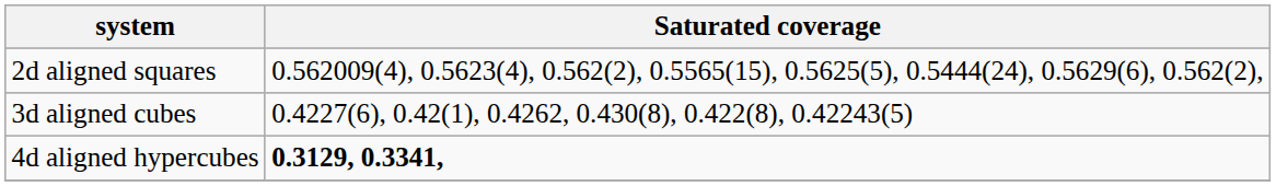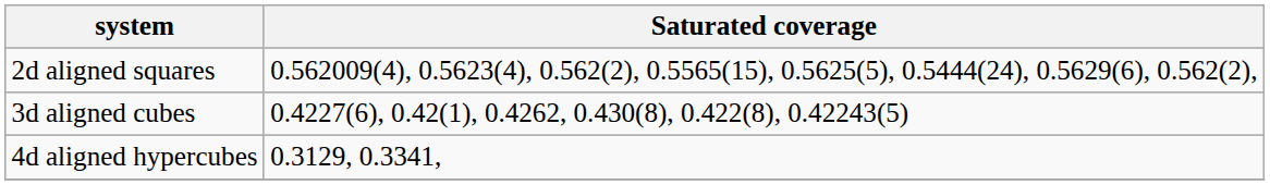 <table class="wikitable">
 <tr>
 <th>system</th>
 <th>Saturated coverage</th>
 </tr>
 <tr>
 <td>2d aligned squares</td>
 <td>0.562009(4), 0.5623(4), 0.562(2), 0.5565(15), 0.5625(5), 0.5444(24), 0.5629(6), 0.562(2),</td>
 </tr>
 <tr>
 <td>3d aligned cubes</td>
 <td>0.4227(6), 0.42(1), 0.4262, 0.430(8), 0.422(8), 0.42243(5)</td>
 </tr>
 <tr>
 <td>4d aligned hypercubes</td>
-<td><strong>0.3129, 0.3341,</strong></td>
+<td>0.3129, 0.3341,</td>
 </tr>
 <tr>
 </tr>
 </table>
